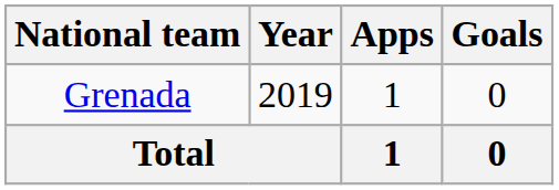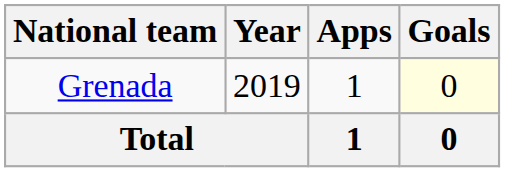 <table class="wikitable" style="text-align:center">
 <tr>
 <th>National team</th>
 <th>Year</th>
 <th>Apps</th>
 <th>Goals</th>
 </tr>
 <tr>
 <td rowspan="1"><a href='#'>Grenada</a></td>
 <td>2019</td>
 <td>1</td>
-<td>0</td>
+<td style="background: lightyellow;">0</td>
 </tr>
 <tr>
 <th colspan=2>Total</th>
 <th>1</th>
 <th>0</th>
 </tr>
 </table>
